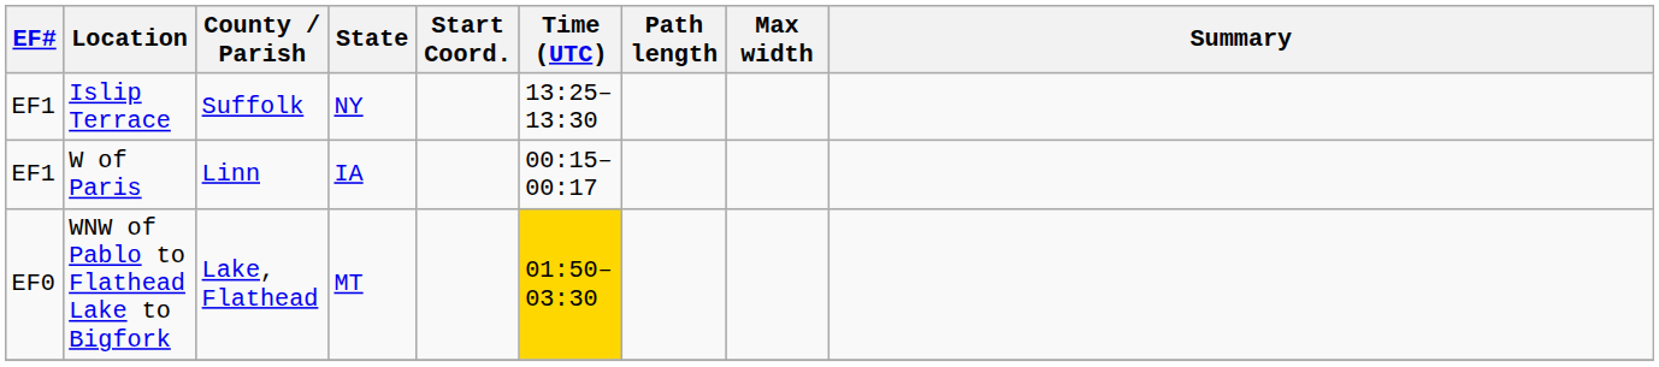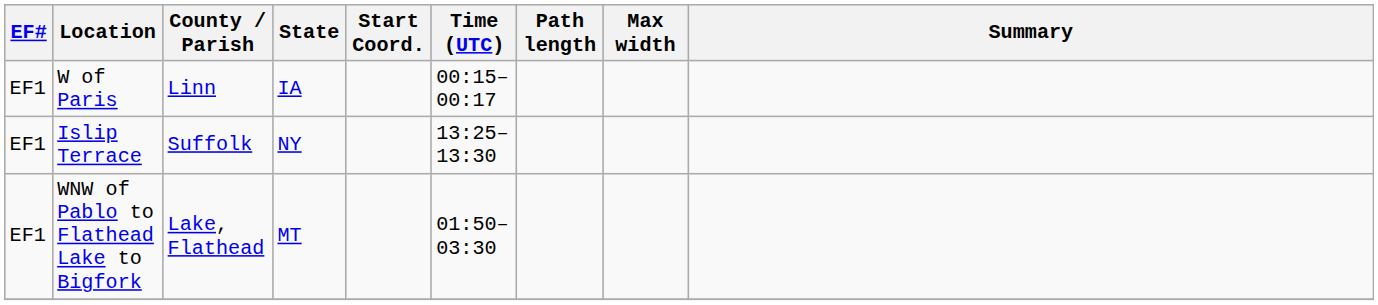 <table class="wikitable sortable" style="width:100%;">
 <tr>
 <th scope="col"  style="width:3%; text-align:center;"><a href='#'>EF#</a></th>
 <th scope="col"  style="width:7%; text-align:center;" class="unsortable">Location</th>
 <th scope="col"  style="width:6%; text-align:center;" class="unsortable">County / Parish</th>
 <th scope="col"  style="width:5%; text-align:center;">State</th>
 <th scope="col"  style="width:6%; text-align:center;">Start Coord.</th>
 <th scope="col"  style="width:6%; text-align:center;">Time (<a href='#'>UTC</a>)</th>
 <th scope="col"  style="width:6%; text-align:center;">Path length</th>
 <th scope="col"  style="width:6%; text-align:center;">Max width</th>
 <th scope="col" class="unsortable" style="width:48%; text-align:center;">Summary</th>
 </tr>
 <tr>
 <td>EF1</td>
+<td>W of <a href='#'>Paris</a></td>
+<td><a href='#'>Linn</a></td>
+<td><a href='#'>IA</a></td>
+<td></td>
+<td>00:15–00:17</td>
+<td></td>
+<td></td>
+<td></td>
+</tr>
+<tr>
+<td>EF1</td>
 <td><a href='#'>Islip Terrace</a></td>
 <td><a href='#'>Suffolk</a></td>
 <td><a href='#'>NY</a></td>
 <td></td>
 <td>13:25–13:30</td>
 <td></td>
 <td></td>
 <td></td>
 </tr>
 <tr>
 <td>EF1</td>
-<td>W of <a href='#'>Paris</a></td>
-<td><a href='#'>Linn</a></td>
-<td><a href='#'>IA</a></td>
-<td></td>
-<td>00:15–00:17</td>
-<td></td>
-<td></td>
-<td></td>
-</tr>
-<tr>
-<td>EF0</td>
 <td>WNW of <a href='#'>Pablo</a> to <a href='#'>Flathead Lake</a> to <a href='#'>Bigfork</a></td>
 <td><a href='#'>Lake</a>, <a href='#'>Flathead</a></td>
 <td><a href='#'>MT</a></td>
 <td></td>
-<td style="background: gold;">01:50–03:30</td>
+<td>01:50–03:30</td>
 <td></td>
 <td></td>
 <td></td>
 </tr>
 <tr>
 </tr>
 </table>
